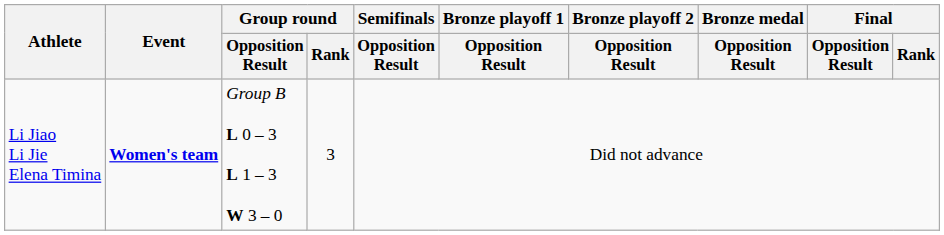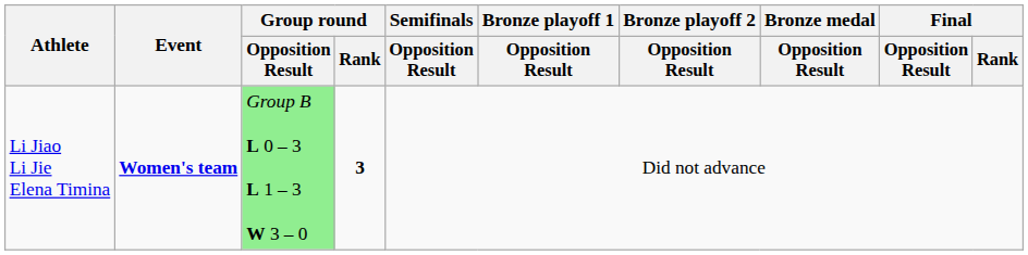 <table class="wikitable" style="font-size:90%">
 <tr>
 <th rowspan="2">Athlete</th>
 <th rowspan="2">Event</th>
 <th colspan="2">Group round</th>
 <th>Semifinals</th>
 <th>Bronze playoff 1</th>
 <th>Bronze playoff 2</th>
 <th>Bronze medal</th>
 <th colspan=2>Final</th>
 </tr>
 <tr style="font-size:95%">
 <th>Opposition<br>Result</th>
 <th>Rank</th>
 <th>Opposition<br>Result</th>
 <th>Opposition<br>Result</th>
 <th>Opposition<br>Result</th>
 <th>Opposition<br>Result</th>
 <th>Opposition<br>Result</th>
 <th>Rank</th>
 </tr>
 <tr align=center>
 <td align=left><a href='#'>Li Jiao</a><br><a href='#'>Li Jie</a><br><a href='#'>Elena Timina</a></td>
 <td align=left><strong><a href='#'>Women's team</a></strong></td>
-<td align=left><em>Group B</em><br><br><strong>L</strong> 0 – 3<br><br><strong>L</strong> 1 – 3<br><br><strong>W</strong> 3 – 0</td>
-<td>3</td>
+<td align=left style="background: lightgreen;"><em>Group B</em><br><br><strong>L</strong> 0 – 3<br><br><strong>L</strong> 1 – 3<br><br><strong>W</strong> 3 – 0</td>
+<td><strong>3</strong></td>
 <td colspan=6>Did not advance</td>
 </tr>
 </table>
